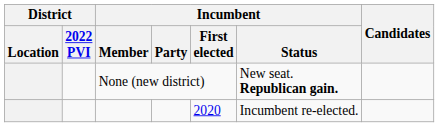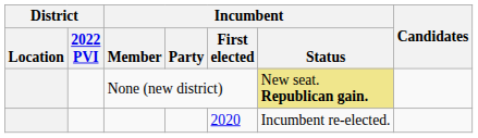 <table class="wikitable sortable">
 <tr>
 <th colspan=2>District</th>
 <th colspan=4>Incumbent</th>
 <th rowspan=2 class="unsortable">Candidates</th>
 </tr>
 <tr valign=bottom>
 <th>Location</th>
 <th><a href='#'>2022<br>PVI</a></th>
 <th>Member</th>
 <th>Party</th>
 <th>First<br>elected</th>
 <th>Status</th>
 </tr>
 <tr>
 <th></th>
 <td></td>
 <td colspan=3>None (new district)</td>
-<td>New seat.<br><strong>Republican gain.</strong></td>
+<td style="background: khaki;">New seat.<br><strong>Republican gain.</strong></td>
 <td nowrap></td>
 </tr>
 <tr>
 <th></th>
 <td></td>
 <td><br></td>
 <td></td>
 <td><a href='#'>2020</a></td>
 <td>Incumbent re-elected.</td>
 <td nowrap></td>
 </tr>
 </table>
